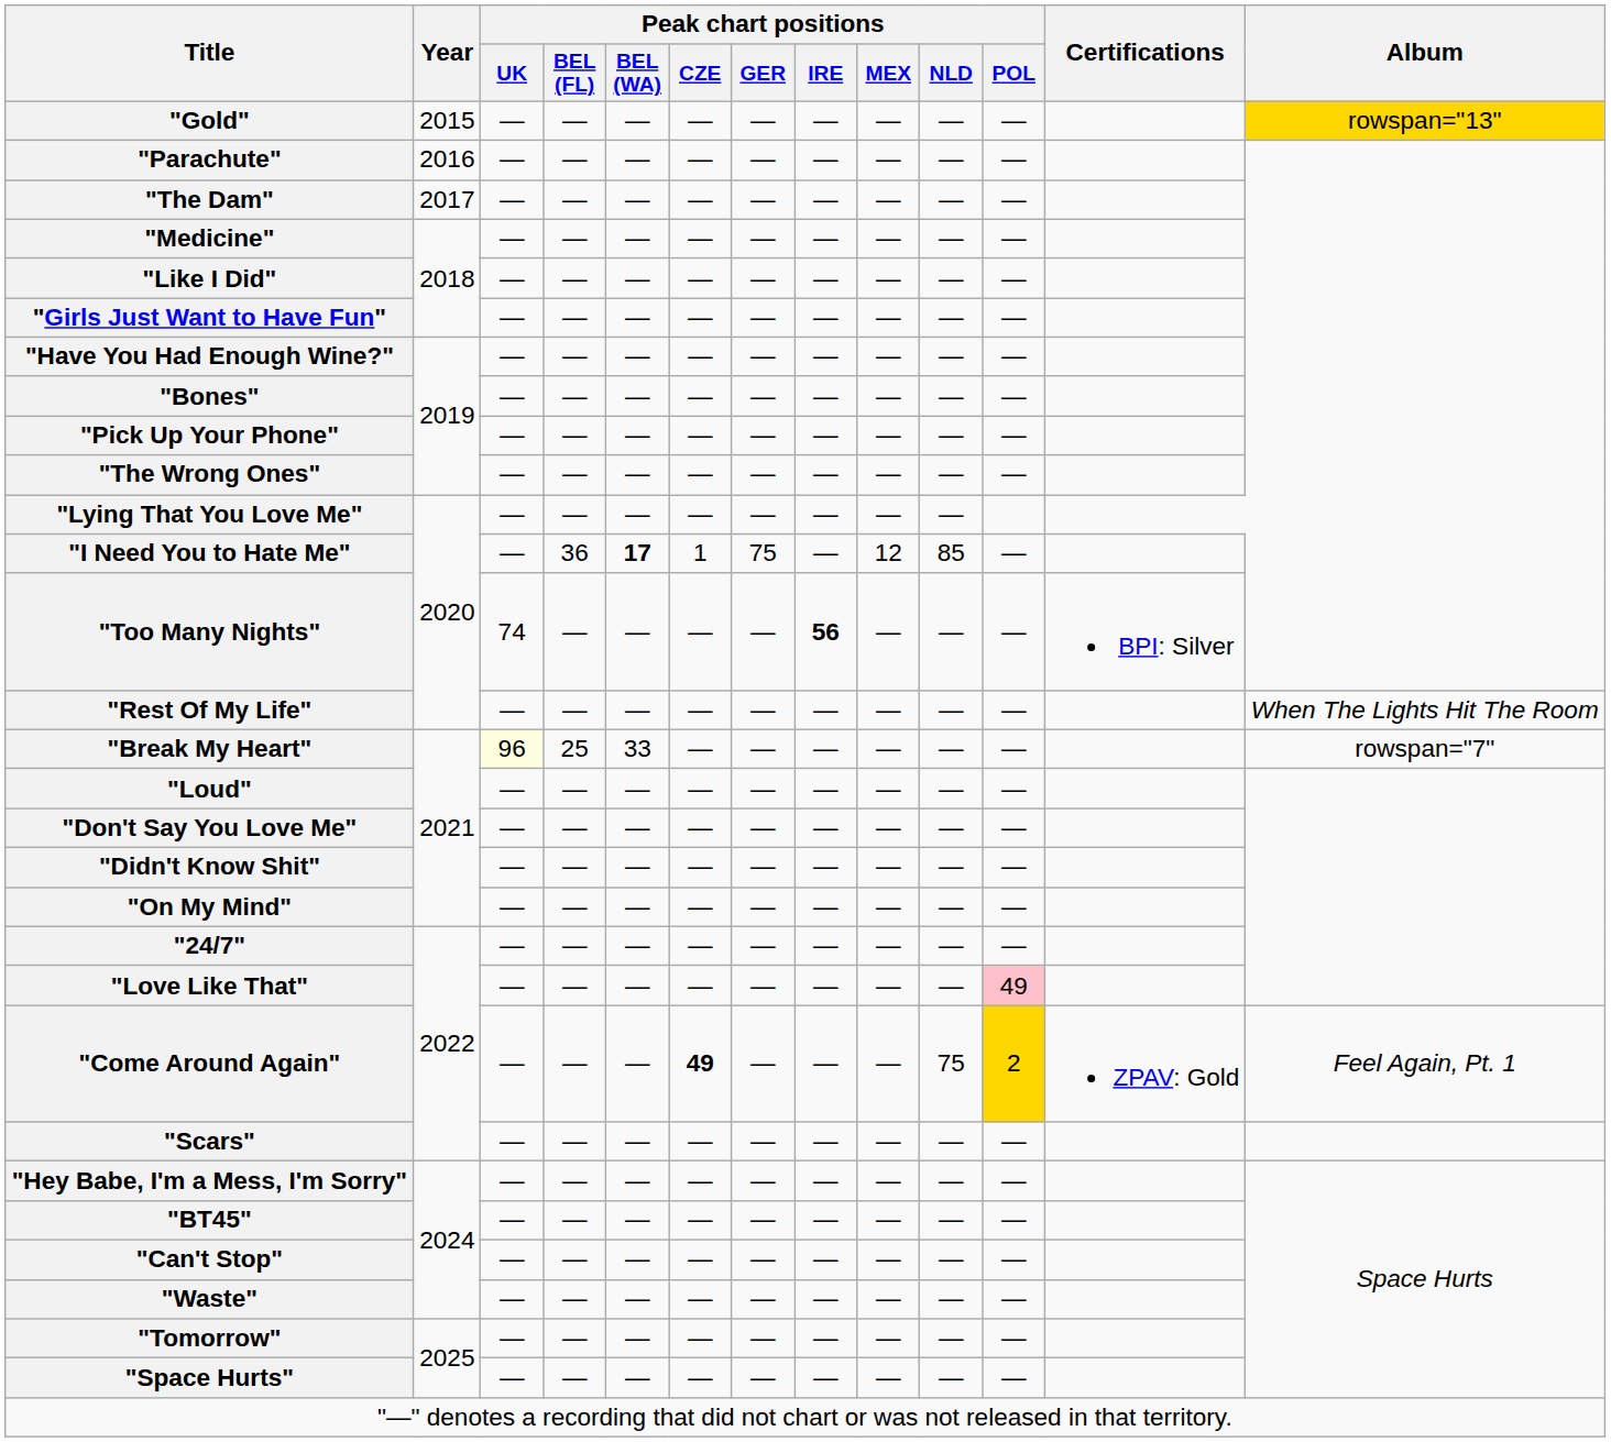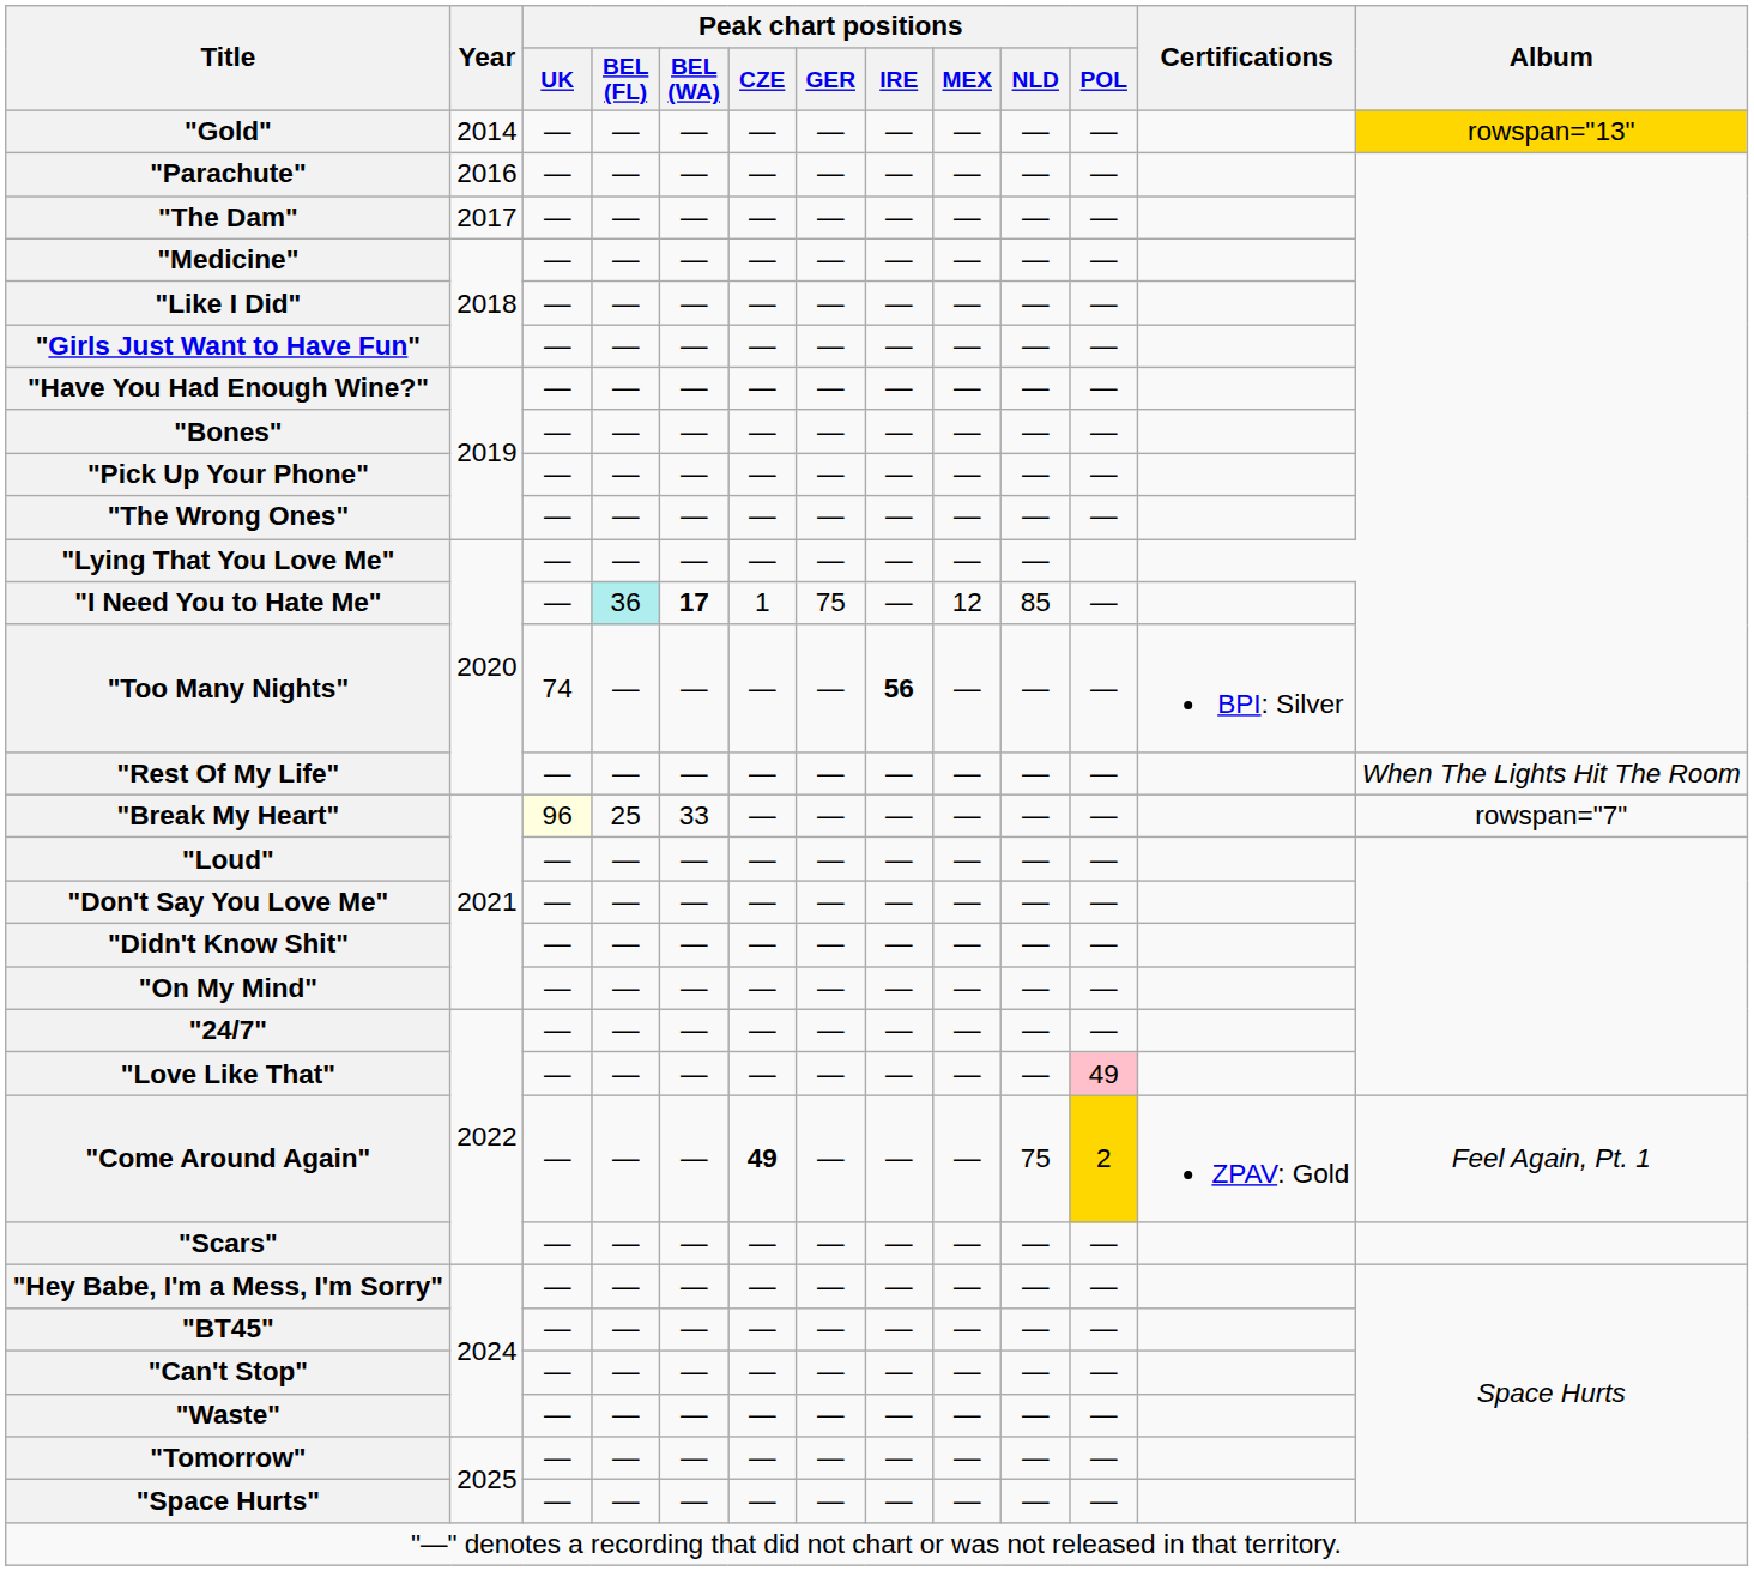 <table class="wikitable plainrowheaders" style="text-align:center;">
 <tr>
 <th scope="col" rowspan="2" style="width:16em;">Title</th>
 <th scope="col" rowspan="2" style="width:1em;">Year</th>
 <th scope="col" colspan="9">Peak chart positions</th>
 <th scope="col" rowspan="2">Certifications</th>
 <th scope="col" rowspan="2">Album</th>
 </tr>
 <tr>
 <th scope="col" style="width:2.5em;font-size:85%;"><a href='#'>UK</a><br></th>
 <th scope="col" style="width:2.5em;font-size:85%;"><a href='#'>BEL (FL)</a><br></th>
 <th scope="col" style="width:2.5em;font-size:85%;"><a href='#'>BEL (WA)</a><br></th>
 <th scope="col" style="width:2.5em;font-size:85%;"><a href='#'>CZE</a><br></th>
 <th scope="col" style="width:2.5em;font-size:85%;"><a href='#'>GER</a><br></th>
 <th scope="col" style="width:2.5em;font-size:85%;"><a href='#'>IRE</a><br></th>
 <th scope="col" style="width:2.5em;font-size:85%;"><a href='#'>MEX</a><br></th>
 <th scope="col" style="width:2.5em;font-size:85%;"><a href='#'>NLD</a><br></th>
 <th scope="col" style="width:2.5em;font-size:85%;"><a href='#'>POL</a><br></th>
 </tr>
 <tr>
 <th scope="row">"Gold"</th>
-<td>2015</td>
+<td>2014</td>
 <td>—</td>
 <td>—</td>
 <td>—</td>
 <td>—</td>
 <td>—</td>
 <td>—</td>
 <td>—</td>
 <td>—</td>
 <td>—</td>
 <td></td>
 <td style="background: gold;">rowspan="13" </td>
 </tr>
 <tr>
 <th scope="row">"Parachute"</th>
 <td>2016</td>
 <td>—</td>
 <td>—</td>
 <td>—</td>
 <td>—</td>
 <td>—</td>
 <td>—</td>
 <td>—</td>
 <td>—</td>
 <td>—</td>
 <td></td>
 </tr>
 <tr>
 <th scope="row">"The Dam"</th>
 <td>2017</td>
 <td>—</td>
 <td>—</td>
 <td>—</td>
 <td>—</td>
 <td>—</td>
 <td>—</td>
 <td>—</td>
 <td>—</td>
 <td>—</td>
 <td></td>
 </tr>
 <tr>
 <th scope="row">"Medicine"</th>
 <td rowspan="3">2018</td>
 <td>—</td>
 <td>—</td>
 <td>—</td>
 <td>—</td>
 <td>—</td>
 <td>—</td>
 <td>—</td>
 <td>—</td>
 <td>—</td>
 <td></td>
 </tr>
 <tr>
 <th scope="row">"Like I Did"</th>
 <td>—</td>
 <td>—</td>
 <td>—</td>
 <td>—</td>
 <td>—</td>
 <td>—</td>
 <td>—</td>
 <td>—</td>
 <td>—</td>
 <td></td>
 </tr>
 <tr>
 <th scope="row">"<a href='#'>Girls Just Want to Have Fun</a>"</th>
 <td>—</td>
 <td>—</td>
 <td>—</td>
 <td>—</td>
 <td>—</td>
 <td>—</td>
 <td>—</td>
 <td>—</td>
 <td>—</td>
 <td></td>
 </tr>
 <tr>
 <th scope="row">"Have You Had Enough Wine?"</th>
 <td rowspan="4">2019</td>
 <td>—</td>
 <td>—</td>
 <td>—</td>
 <td>—</td>
 <td>—</td>
 <td>—</td>
 <td>—</td>
 <td>—</td>
 <td>—</td>
 <td></td>
 </tr>
 <tr>
 <th scope="row">"Bones"</th>
 <td>—</td>
 <td>—</td>
 <td>—</td>
 <td>—</td>
 <td>—</td>
 <td>—</td>
 <td>—</td>
 <td>—</td>
 <td>—</td>
 <td></td>
 </tr>
 <tr>
 <th scope="row">"Pick Up Your Phone"</th>
 <td>—</td>
 <td>—</td>
 <td>—</td>
 <td>—</td>
 <td>—</td>
 <td>—</td>
 <td>—</td>
 <td>—</td>
 <td>—</td>
 <td></td>
 </tr>
 <tr>
 <th scope="row">"The Wrong Ones"</th>
 <td>—</td>
 <td>—</td>
 <td>—</td>
 <td>—</td>
 <td>—</td>
 <td>—</td>
 <td>—</td>
 <td>—</td>
 <td>—</td>
 <td></td>
 </tr>
 <tr>
 <th scope="row">"Lying That You Love Me"</th>
 <td rowspan="4">2020</td>
 <td>—</td>
 <td>—</td>
 <td>—</td>
 <td>—</td>
 <td>—</td>
 <td>—</td>
 <td>—</td>
 <td>—</td>
 <td></td>
 </tr>
 <tr>
 <th scope="row">"I Need You to Hate Me"</th>
 <td>—</td>
-<td>36</td>
+<td style="background: paleturquoise;">36</td>
 <td><strong>17</strong></td>
 <td>1</td>
 <td>75</td>
 <td>—</td>
 <td>12</td>
 <td>85</td>
 <td>—</td>
 <td></td>
 </tr>
 <tr>
 <th scope="row">"Too Many Nights"<br></th>
 <td>74<br></td>
 <td>—</td>
 <td>—</td>
 <td>—</td>
 <td>—</td>
 <td><strong>56</strong></td>
 <td>—</td>
 <td>—</td>
 <td —>—</td>
 <td><br><ul><li><a href='#'>BPI</a>: Silver</li></ul></td>
 </tr>
 <tr>
 <th scope="row">"Rest Of My Life"</th>
 <td>—</td>
 <td>—</td>
 <td>—</td>
 <td>—</td>
 <td>—</td>
 <td>—</td>
 <td>—</td>
 <td>—</td>
 <td>—</td>
 <td></td>
 <td><em>When The Lights Hit The Room</em></td>
 </tr>
 <tr>
 <th scope="row">"Break My Heart"</th>
 <td rowspan="5">2021</td>
 <td style="background: lightyellow;">96</td>
 <td>25</td>
 <td>33</td>
 <td>—</td>
 <td>—</td>
 <td>—</td>
 <td>—</td>
 <td>—</td>
 <td>—</td>
 <td></td>
 <td>rowspan="7" </td>
 </tr>
 <tr>
 <th scope="row">"Loud"</th>
 <td>—</td>
 <td>—</td>
 <td>—</td>
 <td>—</td>
 <td>—</td>
 <td>—</td>
 <td>—</td>
 <td>—</td>
 <td>—</td>
 <td></td>
 </tr>
 <tr>
 <th scope="row">"Don't Say You Love Me"</th>
 <td>—</td>
 <td>—</td>
 <td>—</td>
 <td>—</td>
 <td>—</td>
 <td>—</td>
 <td>—</td>
 <td>—</td>
 <td>—</td>
 <td></td>
 </tr>
 <tr>
 <th scope="row">"Didn't Know Shit" <br></th>
 <td>—</td>
 <td>—</td>
 <td>—</td>
 <td>—</td>
 <td>—</td>
 <td>—</td>
 <td>—</td>
 <td>—</td>
 <td>—</td>
 <td></td>
 </tr>
 <tr>
 <th scope="row">"On My Mind" <br></th>
 <td>—</td>
 <td>—</td>
 <td>—</td>
 <td>—</td>
 <td>—</td>
 <td>—</td>
 <td>—</td>
 <td>—</td>
 <td>—</td>
 <td></td>
 </tr>
 <tr>
 <th scope="row">"24/7" <br></th>
 <td rowspan="4">2022</td>
 <td>—</td>
 <td>—</td>
 <td>—</td>
 <td>—</td>
 <td>—</td>
 <td>—</td>
 <td>—</td>
 <td>—</td>
 <td>—</td>
 <td></td>
 </tr>
 <tr>
 <th scope="row">"Love Like That"</th>
 <td>—</td>
 <td>—</td>
 <td>—</td>
 <td>—</td>
 <td>—</td>
 <td>—</td>
 <td>—</td>
 <td>—</td>
 <td style="background: pink;">49</td>
 <td></td>
 </tr>
 <tr>
 <th scope="row">"Come Around Again" <br></th>
 <td>—</td>
 <td>—</td>
 <td>—</td>
 <td><strong>49</strong></td>
 <td>—</td>
 <td>—</td>
 <td>—</td>
 <td>75</td>
 <td style="background: gold;">2</td>
 <td><br><ul><li><a href='#'>ZPAV</a>: Gold</li></ul></td>
 <td><em>Feel Again,  Pt. 1</em></td>
 </tr>
 <tr>
 <th scope="row">"Scars"</th>
 <td>—</td>
 <td>—</td>
 <td>—</td>
 <td>—</td>
 <td>—</td>
 <td>—</td>
 <td>—</td>
 <td>—</td>
 <td>—</td>
 <td></td>
 <td></td>
 </tr>
 <tr>
 <th scope="row">"Hey Babe, I'm a Mess, I'm Sorry"</th>
 <td rowspan="4">2024</td>
 <td>—</td>
 <td>—</td>
 <td>—</td>
 <td>—</td>
 <td>—</td>
 <td>—</td>
 <td>—</td>
 <td>—</td>
 <td>—</td>
 <td></td>
 <td rowspan="6"><em>Space Hurts</em></td>
 </tr>
 <tr>
 <th scope="row">"BT45"</th>
 <td>—</td>
 <td>—</td>
 <td>—</td>
 <td>—</td>
 <td>—</td>
 <td>—</td>
 <td>—</td>
 <td>—</td>
 <td>—</td>
 <td></td>
 </tr>
 <tr>
 <th scope="row">"Can't Stop"</th>
 <td>—</td>
 <td>—</td>
 <td>—</td>
 <td>—</td>
 <td>—</td>
 <td>—</td>
 <td>—</td>
 <td>—</td>
 <td>—</td>
 <td></td>
 </tr>
 <tr>
 <th scope="row">"Waste"</th>
 <td>—</td>
 <td>—</td>
 <td>—</td>
 <td>—</td>
 <td>—</td>
 <td>—</td>
 <td>—</td>
 <td>—</td>
 <td>—</td>
 <td></td>
 </tr>
 <tr>
 <th scope="row">"Tomorrow"</th>
 <td rowspan="2">2025</td>
 <td>—</td>
 <td>—</td>
 <td>—</td>
 <td>—</td>
 <td>—</td>
 <td>—</td>
 <td>—</td>
 <td>—</td>
 <td>—</td>
 <td></td>
 </tr>
 <tr>
 <th scope="row">"Space Hurts"</th>
 <td>—</td>
 <td>—</td>
 <td>—</td>
 <td>—</td>
 <td>—</td>
 <td>—</td>
 <td>—</td>
 <td>—</td>
 <td>—</td>
 <td></td>
 </tr>
 <tr>
 <td colspan="14">"—" denotes a recording that did not chart or was not released in that territory.</td>
 </tr>
 </table>
